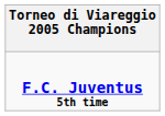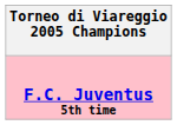 <table class="wikitable" style="margin: 0 auto; width: 30%;">
 <tr>
 <th><big>Torneo di Viareggio 2005 Champions</big><br><br></th>
 </tr>
 <tr>
-<td align=center><br><br><big><big><strong><a href='#'>F.C. Juventus</a></strong><br></big></big><strong>5th time</strong></td>
+<td align=center style="background: pink;"><br><br><big><big><strong><a href='#'>F.C. Juventus</a></strong><br></big></big><strong>5th time</strong></td>
 </tr>
 </table>
